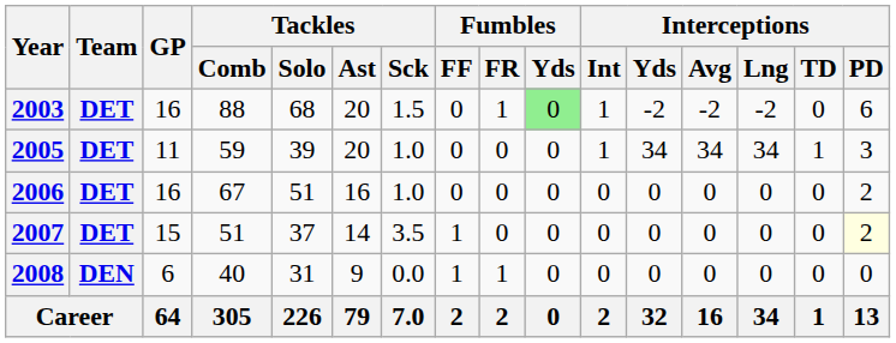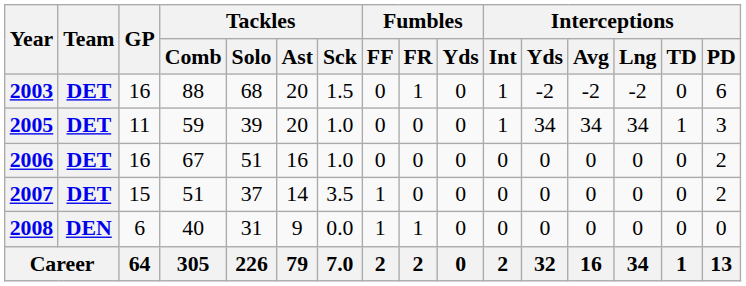 <table class="wikitable" style="text-align:center;">
 <tr>
 <th rowspan="2">Year</th>
 <th rowspan="2">Team</th>
 <th rowspan="2">GP</th>
 <th colspan="4">Tackles</th>
 <th colspan="3">Fumbles</th>
 <th colspan="6">Interceptions</th>
 </tr>
 <tr>
 <th>Comb</th>
 <th>Solo</th>
 <th>Ast</th>
 <th>Sck</th>
 <th>FF</th>
 <th>FR</th>
 <th>Yds</th>
 <th>Int</th>
 <th>Yds</th>
 <th>Avg</th>
 <th>Lng</th>
 <th>TD</th>
 <th>PD</th>
 </tr>
 <tr>
 <th><a href='#'>2003</a></th>
 <th><a href='#'>DET</a></th>
 <td>16</td>
 <td>88</td>
 <td>68</td>
 <td>20</td>
 <td>1.5</td>
 <td>0</td>
 <td>1</td>
-<td style="background: lightgreen;">0</td>
+<td>0</td>
 <td>1</td>
 <td>-2</td>
 <td>-2</td>
 <td>-2</td>
 <td>0</td>
 <td>6</td>
 </tr>
 <tr>
 <th><a href='#'>2005</a></th>
 <th><a href='#'>DET</a></th>
 <td>11</td>
 <td>59</td>
 <td>39</td>
 <td>20</td>
 <td>1.0</td>
 <td>0</td>
 <td>0</td>
 <td>0</td>
 <td>1</td>
 <td>34</td>
 <td>34</td>
 <td>34</td>
 <td>1</td>
 <td>3</td>
 </tr>
 <tr>
 <th><a href='#'>2006</a></th>
 <th><a href='#'>DET</a></th>
 <td>16</td>
 <td>67</td>
 <td>51</td>
 <td>16</td>
 <td>1.0</td>
 <td>0</td>
 <td>0</td>
 <td>0</td>
 <td>0</td>
 <td>0</td>
 <td>0</td>
 <td>0</td>
 <td>0</td>
 <td>2</td>
 </tr>
 <tr>
 <th><a href='#'>2007</a></th>
 <th><a href='#'>DET</a></th>
 <td>15</td>
 <td>51</td>
 <td>37</td>
 <td>14</td>
 <td>3.5</td>
 <td>1</td>
 <td>0</td>
 <td>0</td>
 <td>0</td>
 <td>0</td>
 <td>0</td>
 <td>0</td>
 <td>0</td>
-<td style="background: lightyellow;">2</td>
+<td>2</td>
 </tr>
 <tr>
 <th><a href='#'>2008</a></th>
 <th><a href='#'>DEN</a></th>
 <td>6</td>
 <td>40</td>
 <td>31</td>
 <td>9</td>
 <td>0.0</td>
 <td>1</td>
 <td>1</td>
 <td>0</td>
 <td>0</td>
 <td>0</td>
 <td>0</td>
 <td>0</td>
 <td>0</td>
 <td>0</td>
 </tr>
 <tr>
 <th colspan="2">Career</th>
 <th>64</th>
 <th>305</th>
 <th>226</th>
 <th>79</th>
 <th>7.0</th>
 <th>2</th>
 <th>2</th>
 <th>0</th>
 <th>2</th>
 <th>32</th>
 <th>16</th>
 <th>34</th>
 <th>1</th>
 <th>13</th>
 </tr>
 </table>
